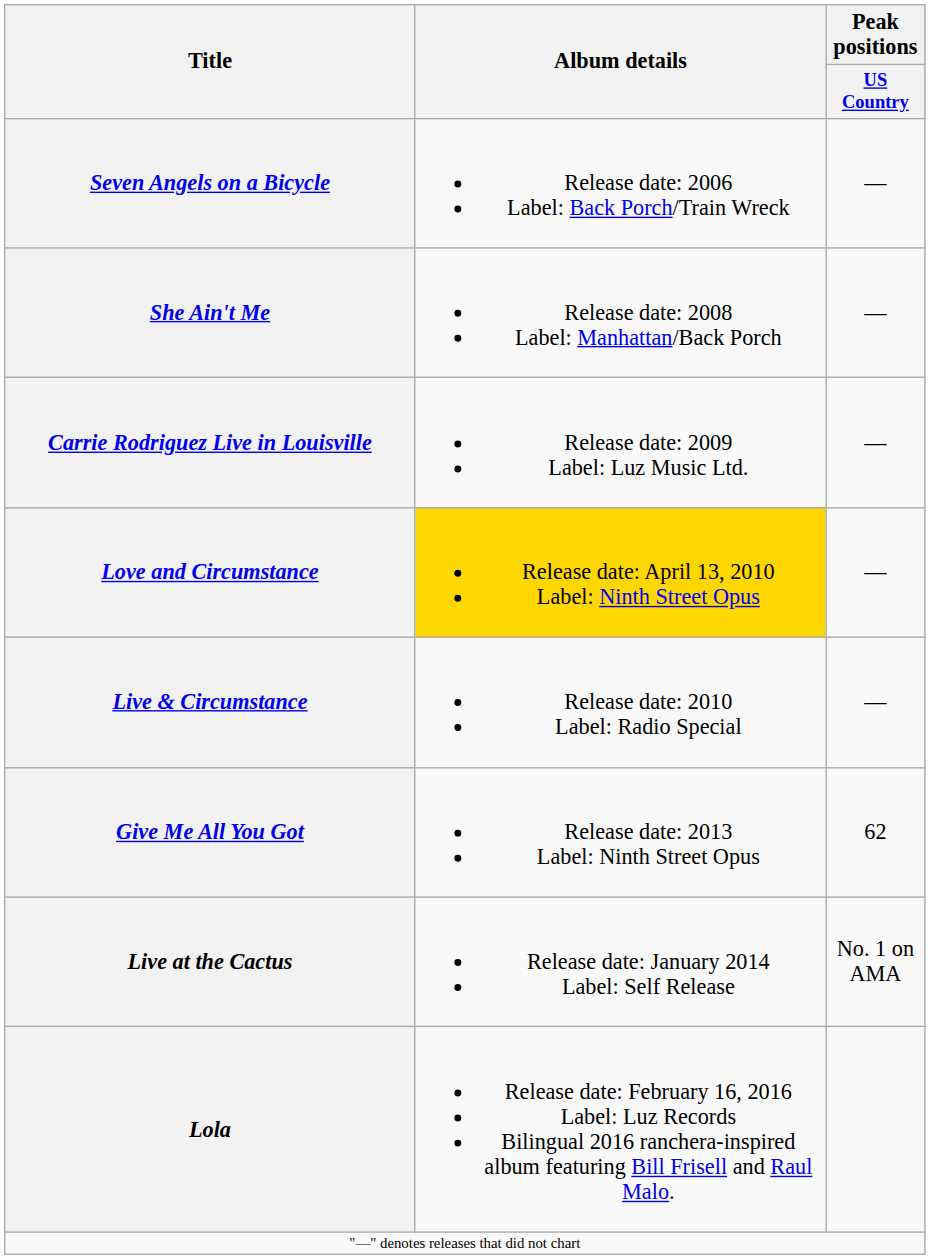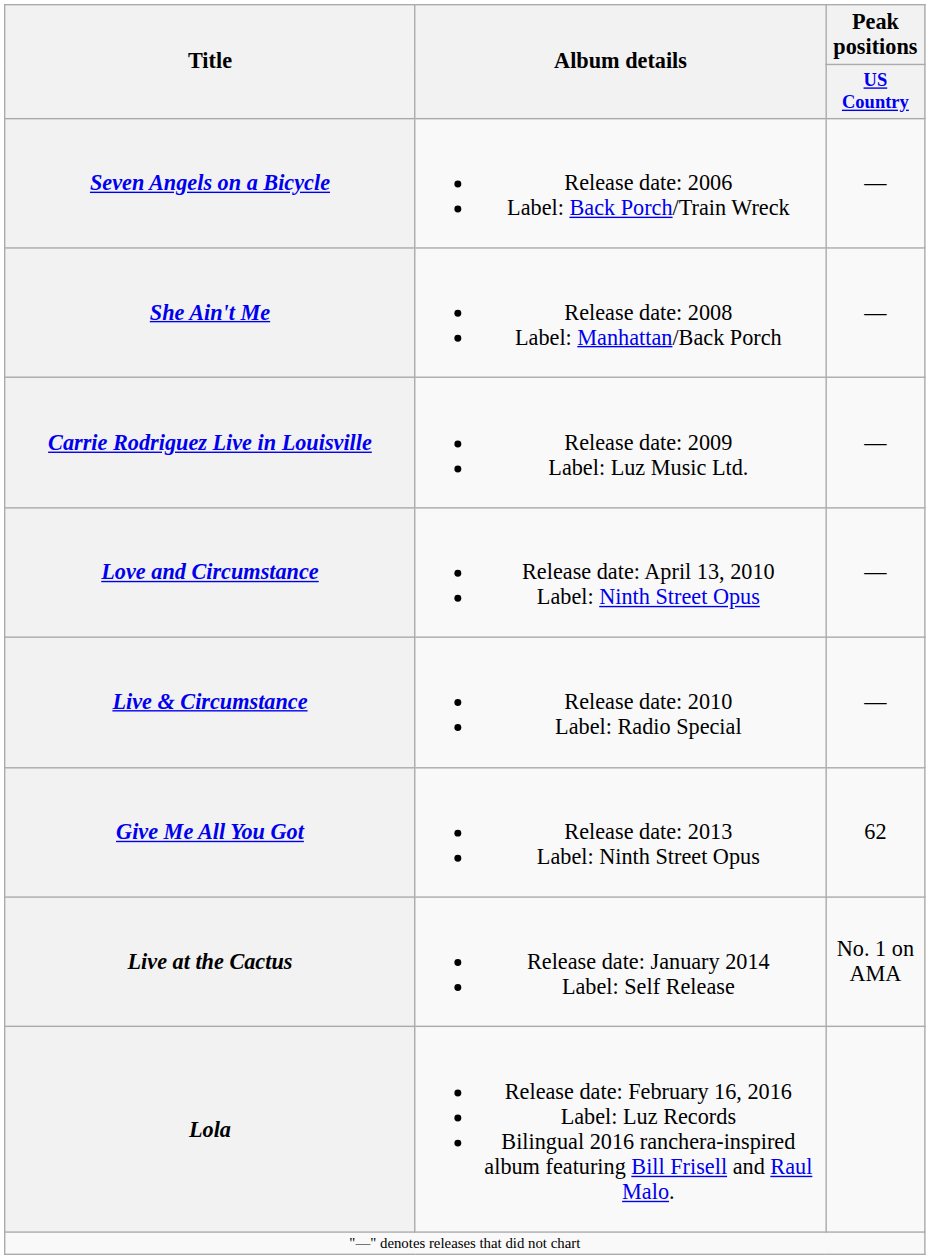 <table class="wikitable plainrowheaders" style="text-align:center;">
 <tr>
 <th rowspan="2" style="width:18em;">Title</th>
 <th rowspan="2" style="width:18em;">Album details</th>
 <th>Peak positions</th>
 </tr>
 <tr style="font-size:smaller;">
 <th style="width:65px;"><a href='#'>US Country</a></th>
 </tr>
 <tr>
 <th scope="row"><em><a href='#'>Seven Angels on a Bicycle</a></em></th>
 <td><br><ul><li>Release date: 2006</li><li>Label: <a href='#'>Back Porch</a>/Train Wreck</li></ul></td>
 <td>—</td>
 </tr>
 <tr>
 <th scope="row"><em><a href='#'>She Ain't Me</a></em></th>
 <td><br><ul><li>Release date: 2008</li><li>Label: <a href='#'>Manhattan</a>/Back Porch</li></ul></td>
 <td>—</td>
 </tr>
 <tr>
 <th scope="row"><em><a href='#'>Carrie Rodriguez Live in Louisville</a></em></th>
 <td><br><ul><li>Release date: 2009</li><li>Label: Luz Music Ltd.</li></ul></td>
 <td>—</td>
 </tr>
 <tr>
 <th scope="row"><em><a href='#'>Love and Circumstance</a></em></th>
-<td style="background: gold;"><br><ul><li>Release date: April 13, 2010</li><li>Label: <a href='#'>Ninth Street Opus</a></li></ul></td>
+<td><br><ul><li>Release date: April 13, 2010</li><li>Label: <a href='#'>Ninth Street Opus</a></li></ul></td>
 <td>—</td>
 </tr>
 <tr>
 <th scope="row"><em><a href='#'>Live & Circumstance</a></em></th>
 <td><br><ul><li>Release date: 2010</li><li>Label: Radio Special</li></ul></td>
 <td>—</td>
 </tr>
 <tr>
 <th scope="row"><em><a href='#'>Give Me All You Got</a></em></th>
 <td><br><ul><li>Release date: 2013</li><li>Label: Ninth Street Opus</li></ul></td>
 <td>62</td>
 </tr>
 <tr>
 <th scope="row"><em>Live at the Cactus</em></th>
 <td><br><ul><li>Release date: January 2014</li><li>Label: Self Release</li></ul></td>
 <td>No. 1 on AMA</td>
 </tr>
 <tr>
 <th scope="row"><em>Lola</em></th>
 <td><br><ul><li>Release date: February 16, 2016</li><li>Label: Luz Records</li><li>Bilingual 2016 ranchera-inspired album featuring <a href='#'>Bill Frisell</a> and <a href='#'>Raul Malo</a>.</li></ul></td>
 <td></td>
 </tr>
 <tr>
 <td colspan="3" style="font-size:8pt">"—" denotes releases that did not chart</td>
 </tr>
 </table>
